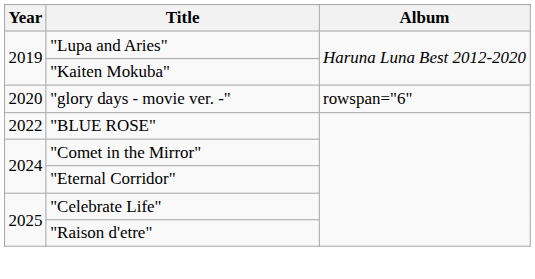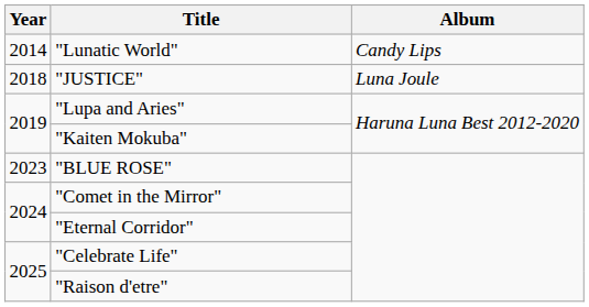 <table class="wikitable plainrowheaders">
 <tr>
 <th>Year</th>
 <th width="250">Title</th>
 <th>Album</th>
+</tr>
+<tr>
+<td rowspan="1">2014</td>
+<td>"Lunatic World"</td>
+<td rowspan="1"><em>Candy Lips</em></td>
+</tr>
+<tr>
+<td rowspan="1">2018</td>
+<td>"JUSTICE"</td>
+<td rowspan="1"><em>Luna Joule</em></td>
 </tr>
 <tr>
 <td rowspan="2">2019</td>
 <td>"Lupa and Aries"</td>
 <td rowspan="2"><em>Haruna Luna Best 2012-2020</em></td>
 </tr>
 <tr>
 <td>"Kaiten Mokuba"</td>
 </tr>
 <tr>
-<td rowspan="1">2020</td>
-<td>"glory days - movie ver. -"</td>
-<td>rowspan="6" </td>
-</tr>
-<tr>
-<td rowspan="1">2022</td>
+<td rowspan="1">2023</td>
 <td>"BLUE ROSE"</td>
 </tr>
 <tr>
 <td rowspan="2">2024</td>
 <td>"Comet in the Mirror"</td>
 </tr>
 <tr>
 <td>"Eternal Corridor"</td>
 </tr>
 <tr>
 <td rowspan="2">2025</td>
 <td>"Celebrate Life"</td>
 </tr>
 <tr>
 <td>"Raison d'etre"</td>
 </tr>
 </table>
